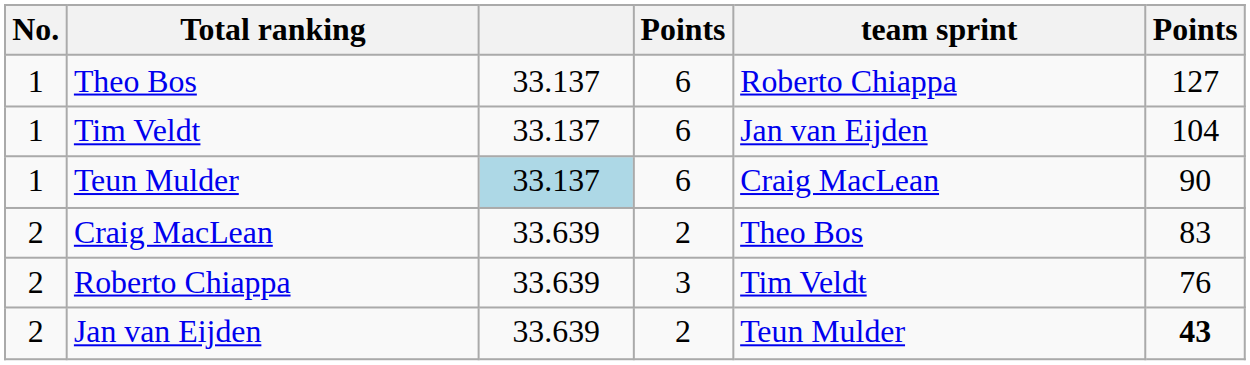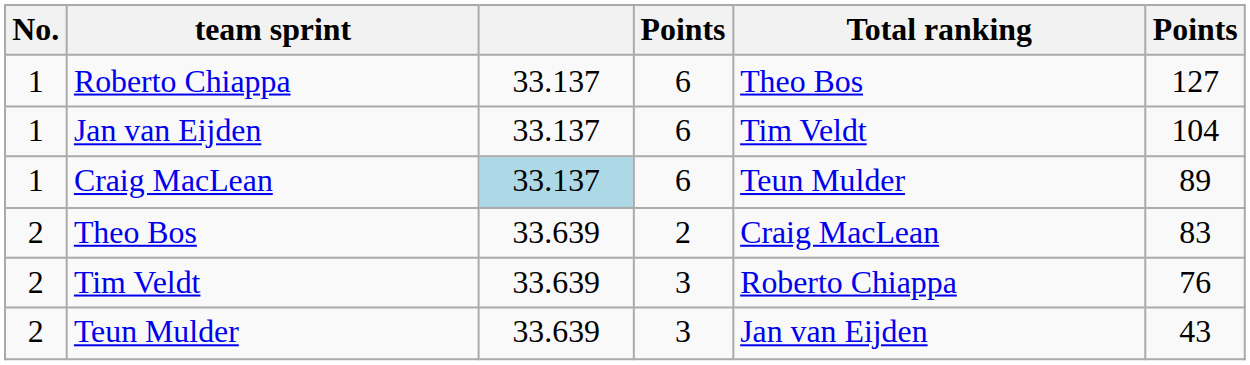 <table class="wikitable">
 <tr>
 <th width="20px">No.</th>
-<th width="200px">Total ranking</th>
+<th width="200px">team sprint</th>
 <th width="70px"></th>
 <th width="40px">Points</th>
-<th width="200px">team sprint</th>
+<th width="200px">Total ranking</th>
 <th width="40px">Points</th>
 </tr>
 <tr align=center>
 <td>1</td>
-<td align=left> <a href='#'>Theo Bos</a></td>
+<td align=left> <a href='#'>Roberto Chiappa</a></td>
 <td>33.137</td>
 <td>6</td>
-<td align=left> <a href='#'>Roberto Chiappa</a></td>
+<td align=left> <a href='#'>Theo Bos</a></td>
 <td>127</td>
 </tr>
 <tr align=center>
 <td>1</td>
-<td align=left> <a href='#'>Tim Veldt</a></td>
+<td align=left> <a href='#'>Jan van Eijden</a></td>
 <td>33.137</td>
 <td>6</td>
-<td align=left> <a href='#'>Jan van Eijden</a></td>
+<td align=left> <a href='#'>Tim Veldt</a></td>
 <td>104</td>
 </tr>
 <tr align=center>
 <td>1</td>
-<td align=left> <a href='#'>Teun Mulder</a></td>
+<td align=left> <a href='#'>Craig MacLean</a></td>
 <td style="background: lightblue;">33.137</td>
 <td>6</td>
-<td align=left> <a href='#'>Craig MacLean</a></td>
-<td>90</td>
+<td align=left> <a href='#'>Teun Mulder</a></td>
+<td>89</td>
 </tr>
 <tr align=center>
 <td>2</td>
-<td align=left> <a href='#'>Craig MacLean</a></td>
+<td align=left> <a href='#'>Theo Bos</a></td>
 <td>33.639</td>
 <td>2</td>
-<td align=left> <a href='#'>Theo Bos</a></td>
+<td align=left> <a href='#'>Craig MacLean</a></td>
 <td>83</td>
 </tr>
 <tr align=center>
 <td>2</td>
-<td align=left> <a href='#'>Roberto Chiappa</a></td>
+<td align=left> <a href='#'>Tim Veldt</a></td>
 <td>33.639</td>
 <td>3</td>
-<td align=left> <a href='#'>Tim Veldt</a></td>
+<td align=left> <a href='#'>Roberto Chiappa</a></td>
 <td>76</td>
 </tr>
 <tr align=center>
 <td>2</td>
+<td align=left> <a href='#'>Teun Mulder</a></td>
+<td>33.639</td>
+<td>3</td>
 <td align=left> <a href='#'>Jan van Eijden</a></td>
-<td>33.639</td>
-<td>2</td>
-<td align=left> <a href='#'>Teun Mulder</a></td>
-<td><strong>43</strong></td>
+<td>43</td>
 </tr>
 </table>
